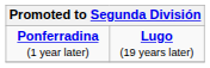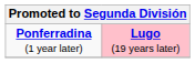 <table class="wikitable" style="text-align: center; margin: 0 auto;">
 <tr>
 <th colspan="9">Promoted to <a href='#'>Segunda División</a></th>
 </tr>
 <tr>
 <td><strong><a href='#'>Ponferradina</a></strong><br><small>(1 year later)</small></td>
-<td><strong><a href='#'>Lugo</a></strong><br><small>(19 years later)</small></td>
+<td style="background: pink;"><strong><a href='#'>Lugo</a></strong><br><small>(19 years later)</small></td>
 </tr>
 <tr>
 </tr>
 </table>
